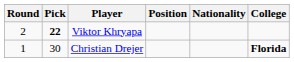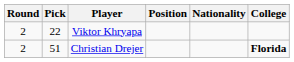 <table class="wikitable sortable sortable">
 <tr>
 <th>Round</th>
 <th>Pick</th>
 <th>Player</th>
 <th>Position</th>
 <th>Nationality</th>
 <th>College</th>
 </tr>
 <tr style="text-align: center">
 <td>2</td>
-<td><strong>22</strong></td>
+<td>22</td>
 <td><a href='#'>Viktor Khryapa</a></td>
 <td></td>
 <td></td>
 <td></td>
 </tr>
 <tr style="text-align: center">
-<td>1</td>
-<td>30</td>
+<td>2</td>
+<td>51</td>
 <td><a href='#'>Christian Drejer</a></td>
 <td></td>
 <td></td>
 <td><strong>Florida</strong></td>
 </tr>
 </table>
